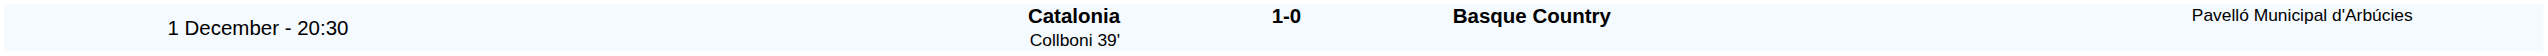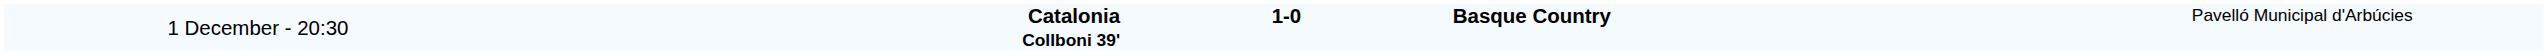 <table style="width: 100%; background:#F5FAFF;" cellspacing="0">
 <tr>
 <td align=center rowspan=3 width=20%>1 December - 20:30</td>
 </tr>
 <tr>
 <td width=24% align=right><strong>Catalonia</strong> </td>
 <td align=center width=13%><strong>1-0</strong></td>
 <td width=24%> <strong>Basque Country</strong></td>
 <td style=font-size:85% rowspan=3 valign=top align=center>Pavelló Municipal d'Arbúcies</td>
 </tr>
 <tr style=font-size:85%>
-<td align=right valign=top>Collboni 39'</td>
+<td align=right valign=top><strong>Collboni 39'</strong></td>
 <td></td>
 <td></td>
 </tr>
 </table>
